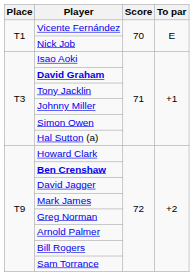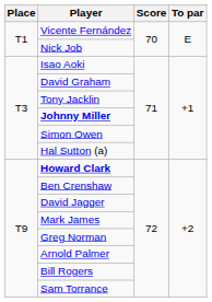 <table class="wikitable">
 <tr>
 <th>Place</th>
 <th>Player</th>
 <th>Score</th>
 <th>To par</th>
 </tr>
 <tr>
 <td rowspan="2" align=center>T1</td>
 <td> <a href='#'>Vicente Fernández</a></td>
 <td rowspan="2" align=center>70</td>
 <td rowspan="2" align=center>E</td>
 </tr>
 <tr>
 <td> <a href='#'>Nick Job</a></td>
 </tr>
 <tr>
 <td rowspan="6" align=center>T3</td>
 <td> <a href='#'>Isao Aoki</a></td>
 <td rowspan="6" align=center>71</td>
 <td rowspan="6" align=center>+1</td>
 </tr>
 <tr>
-<td><strong> <a href='#'>David Graham</a></strong></td>
+<td> <a href='#'>David Graham</a></td>
 </tr>
 <tr>
 <td> <a href='#'>Tony Jacklin</a></td>
 </tr>
 <tr>
-<td> <a href='#'>Johnny Miller</a></td>
+<td><strong> <a href='#'>Johnny Miller</a></strong></td>
 </tr>
 <tr>
 <td> <a href='#'>Simon Owen</a></td>
 </tr>
 <tr>
 <td> <a href='#'>Hal Sutton</a> (a)</td>
 </tr>
 <tr>
 <td rowspan="8" align=center>T9</td>
-<td> <a href='#'>Howard Clark</a></td>
+<td><strong> <a href='#'>Howard Clark</a></strong></td>
 <td rowspan="8" align=center>72</td>
 <td rowspan="8" align=center>+2</td>
 </tr>
 <tr>
-<td><strong> <a href='#'>Ben Crenshaw</a></strong></td>
+<td> <a href='#'>Ben Crenshaw</a></td>
 </tr>
 <tr>
 <td> <a href='#'>David Jagger</a></td>
 </tr>
 <tr>
 <td> <a href='#'>Mark James</a></td>
 </tr>
 <tr>
 <td> <a href='#'>Greg Norman</a></td>
 </tr>
 <tr>
 <td> <a href='#'>Arnold Palmer</a></td>
 </tr>
 <tr>
 <td> <a href='#'>Bill Rogers</a></td>
 </tr>
 <tr>
 <td> <a href='#'>Sam Torrance</a></td>
 </tr>
 </table>
